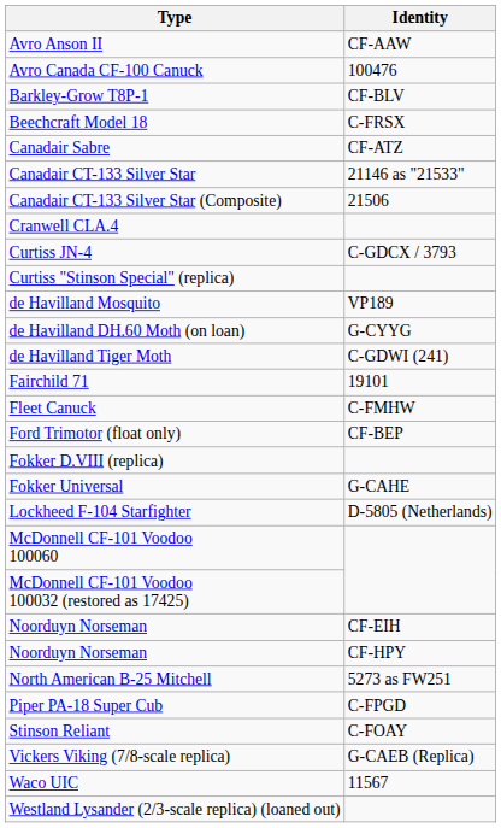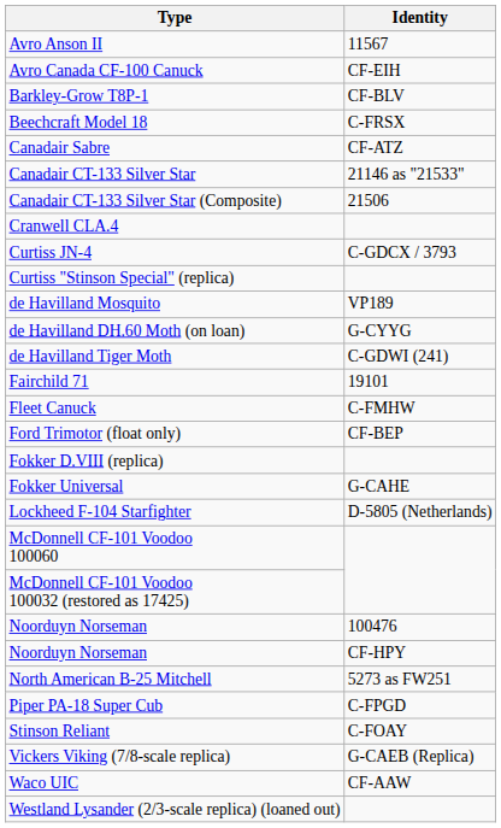 <table class="wikitable">
 <tr>
 <th>Type</th>
 <th>Identity</th>
 </tr>
 <tr>
 <td><a href='#'>Avro Anson II</a></td>
-<td>CF-AAW</td>
+<td>11567</td>
 </tr>
 <tr>
 <td><a href='#'>Avro Canada CF-100 Canuck</a></td>
-<td>100476</td>
+<td>CF-EIH</td>
 </tr>
 <tr>
 <td><a href='#'>Barkley-Grow T8P-1</a></td>
 <td>CF-BLV</td>
 </tr>
 <tr>
 <td><a href='#'>Beechcraft Model 18</a></td>
 <td>C-FRSX</td>
 </tr>
 <tr>
 <td><a href='#'>Canadair Sabre</a></td>
 <td>CF-ATZ</td>
 </tr>
 <tr>
 <td><a href='#'>Canadair CT-133 Silver Star</a></td>
 <td>21146 as "21533"</td>
 </tr>
 <tr>
 <td><a href='#'>Canadair CT-133 Silver Star</a> (Composite)</td>
 <td>21506</td>
 </tr>
 <tr>
 <td><a href='#'>Cranwell CLA.4</a></td>
 <td></td>
 </tr>
 <tr>
 <td><a href='#'>Curtiss JN-4</a></td>
 <td>C-GDCX / 3793</td>
 </tr>
 <tr>
 <td><a href='#'>Curtiss "Stinson Special"</a> (replica)</td>
 <td></td>
 </tr>
 <tr>
 <td><a href='#'>de Havilland Mosquito</a></td>
 <td>VP189</td>
 </tr>
 <tr>
 <td><a href='#'>de Havilland DH.60 Moth</a> (on loan)</td>
 <td>G-CYYG</td>
 </tr>
 <tr>
 <td><a href='#'>de Havilland Tiger Moth</a></td>
 <td>C-GDWI (241)</td>
 </tr>
 <tr>
 <td><a href='#'>Fairchild 71</a></td>
 <td>19101</td>
 </tr>
 <tr>
 <td><a href='#'>Fleet Canuck</a></td>
 <td>C-FMHW</td>
 </tr>
 <tr>
 <td><a href='#'>Ford Trimotor</a> (float only)</td>
 <td>CF-BEP</td>
 </tr>
 <tr>
 <td><a href='#'>Fokker D.VIII</a> (replica)</td>
 <td></td>
 </tr>
 <tr>
 <td><a href='#'>Fokker Universal</a></td>
 <td>G-CAHE</td>
 </tr>
 <tr>
 <td><a href='#'>Lockheed F-104 Starfighter</a></td>
 <td>D-5805 (Netherlands)</td>
 </tr>
 <tr>
 <td><a href='#'>McDonnell CF-101 Voodoo</a><br>100060</td>
 </tr>
 <tr>
 <td><a href='#'>McDonnell CF-101 Voodoo</a><br>100032 (restored as 17425)</td>
 </tr>
 <tr>
 <td><a href='#'>Noorduyn Norseman</a></td>
-<td>CF-EIH</td>
+<td>100476</td>
 </tr>
 <tr>
 <td><a href='#'>Noorduyn Norseman</a></td>
 <td>CF-HPY</td>
 </tr>
 <tr>
 <td><a href='#'>North American B-25 Mitchell</a></td>
 <td>5273 as FW251</td>
 </tr>
 <tr>
 <td><a href='#'>Piper PA-18 Super Cub</a></td>
 <td>C-FPGD</td>
 </tr>
 <tr>
 <td><a href='#'>Stinson Reliant</a></td>
 <td>C-FOAY</td>
 </tr>
 <tr>
 <td><a href='#'>Vickers Viking</a> (7/8-scale replica)</td>
 <td>G-CAEB (Replica)</td>
 </tr>
 <tr>
 <td><a href='#'>Waco UIC</a></td>
-<td>11567</td>
+<td>CF-AAW</td>
 </tr>
 <tr>
 <td><a href='#'>Westland Lysander</a> (2/3-scale replica) (loaned out)</td>
 <td></td>
 </tr>
 </table>
